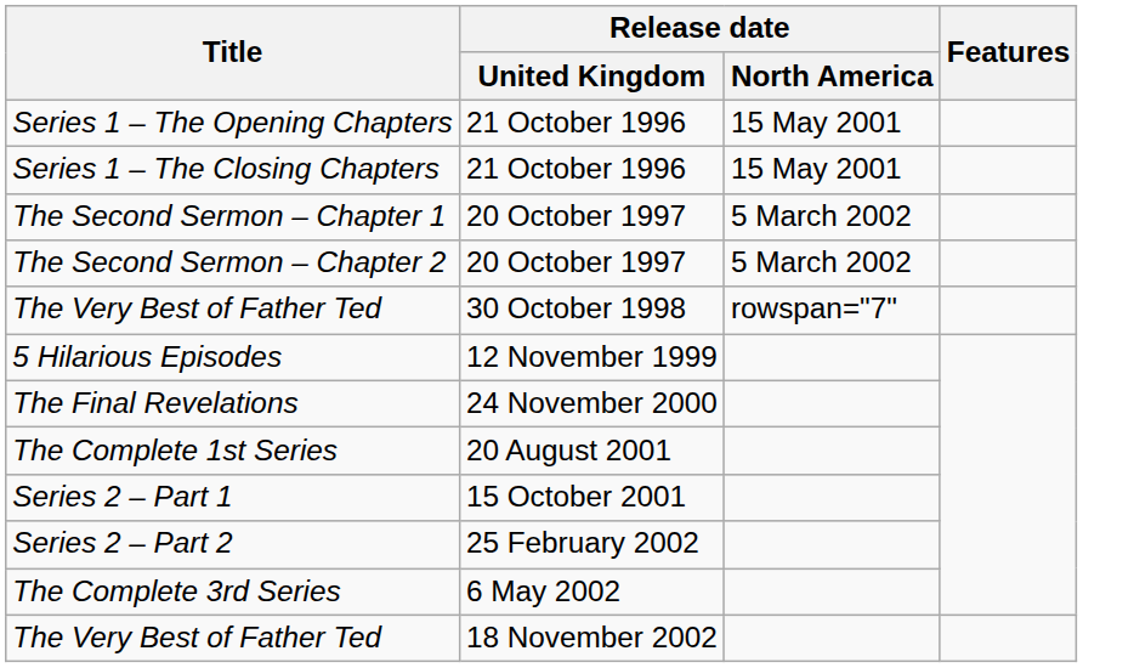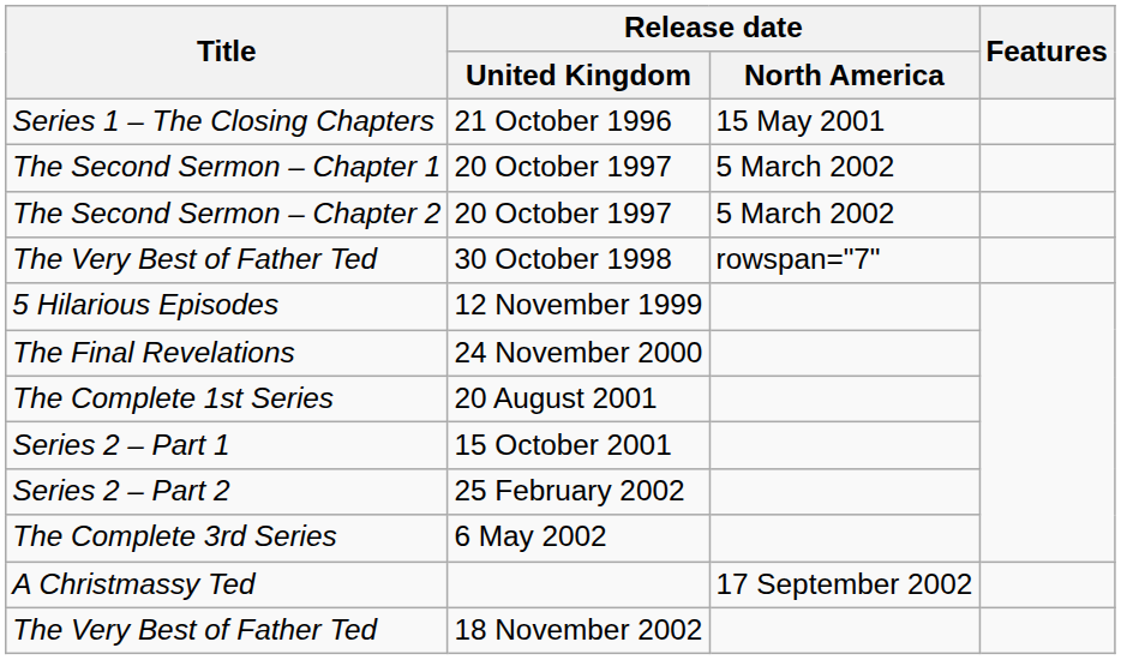 <table class="wikitable">
 <tr>
 <th rowspan="2">Title</th>
 <th colspan="2">Release date</th>
 <th rowspan="2">Features</th>
 </tr>
 <tr>
 <th>United Kingdom</th>
 <th>North America</th>
-</tr>
-<tr>
-<td><em>Series 1 – The Opening Chapters</em> </td>
-<td>21 October 1996</td>
-<td>15 May 2001</td>
-<td></td>
 </tr>
 <tr>
 <td><em>Series 1 – The Closing Chapters</em> </td>
 <td>21 October 1996</td>
 <td>15 May 2001</td>
 <td></td>
 </tr>
 <tr>
 <td><em>The Second Sermon – Chapter 1</em> </td>
 <td>20 October 1997</td>
 <td>5 March 2002</td>
 <td></td>
 </tr>
 <tr>
 <td><em>The Second Sermon – Chapter 2</em> </td>
 <td>20 October 1997</td>
 <td>5 March 2002</td>
 <td></td>
 </tr>
 <tr>
 <td><em>The Very Best of Father Ted</em></td>
 <td>30 October 1998</td>
 <td>rowspan="7" </td>
 <td></td>
 </tr>
 <tr>
 <td><em>5 Hilarious Episodes</em></td>
 <td>12 November 1999</td>
 <td></td>
 </tr>
 <tr>
 <td><em>The Final Revelations</em></td>
 <td>24 November 2000</td>
 <td></td>
 </tr>
 <tr>
 <td><em>The Complete 1st Series</em></td>
 <td>20 August 2001</td>
 <td></td>
 </tr>
 <tr>
 <td><em>Series 2 – Part 1</em></td>
 <td>15 October 2001</td>
 <td></td>
 </tr>
 <tr>
 <td><em>Series 2 – Part 2</em></td>
 <td>25 February 2002</td>
 <td></td>
 </tr>
 <tr>
 <td><em>The Complete 3rd Series</em></td>
 <td>6 May 2002</td>
 <td></td>
 </tr>
 <tr>
+<td><em>A Christmassy Ted</em></td>
+<td></td>
+<td>17 September 2002</td>
+<td></td>
+</tr>
+<tr>
 <td><em>The Very Best of Father Ted</em> </td>
 <td>18 November 2002</td>
 <td></td>
 <td></td>
 </tr>
 </table>
